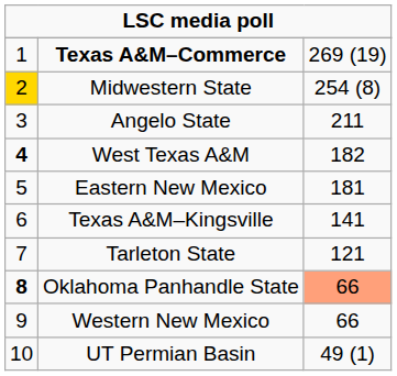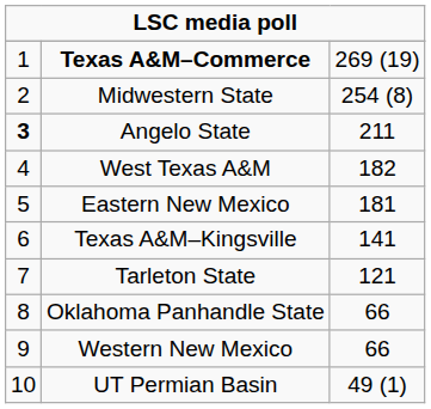 <table class="wikitable" style="display: inline-table;">
 <tr>
 <td align="center" Colspan="3"><strong>LSC media poll</strong></td>
 </tr>
 <tr align="center">
 </tr>
 <tr align="center">
 <td>1</td>
 <td><strong>Texas A&M–Commerce</strong></td>
 <td>269 (19)</td>
 </tr>
 <tr align="center">
-<td style="background: gold;">2</td>
+<td>2</td>
 <td>Midwestern State</td>
 <td>254 (8)</td>
 </tr>
 <tr align="center">
-<td>3</td>
+<td><strong>3</strong></td>
 <td>Angelo State</td>
 <td>211</td>
 </tr>
 <tr align="center">
-<td><strong>4</strong></td>
+<td>4</td>
 <td>West Texas A&M</td>
 <td>182</td>
 </tr>
 <tr align="center">
 <td>5</td>
 <td>Eastern New Mexico</td>
 <td>181</td>
 </tr>
 <tr align="center">
 <td>6</td>
 <td>Texas A&M–Kingsville</td>
 <td>141</td>
 </tr>
 <tr align="center">
 <td>7</td>
 <td>Tarleton State</td>
 <td>121</td>
 </tr>
 <tr align="center">
-<td><strong>8</strong></td>
+<td>8</td>
 <td>Oklahoma Panhandle State</td>
-<td style="background: lightsalmon;">66</td>
+<td>66</td>
 </tr>
 <tr align="center">
 <td>9</td>
 <td>Western New Mexico</td>
 <td>66</td>
 </tr>
 <tr align="center">
 <td>10</td>
 <td>UT Permian Basin</td>
 <td>49 (1)</td>
 </tr>
 </table>
